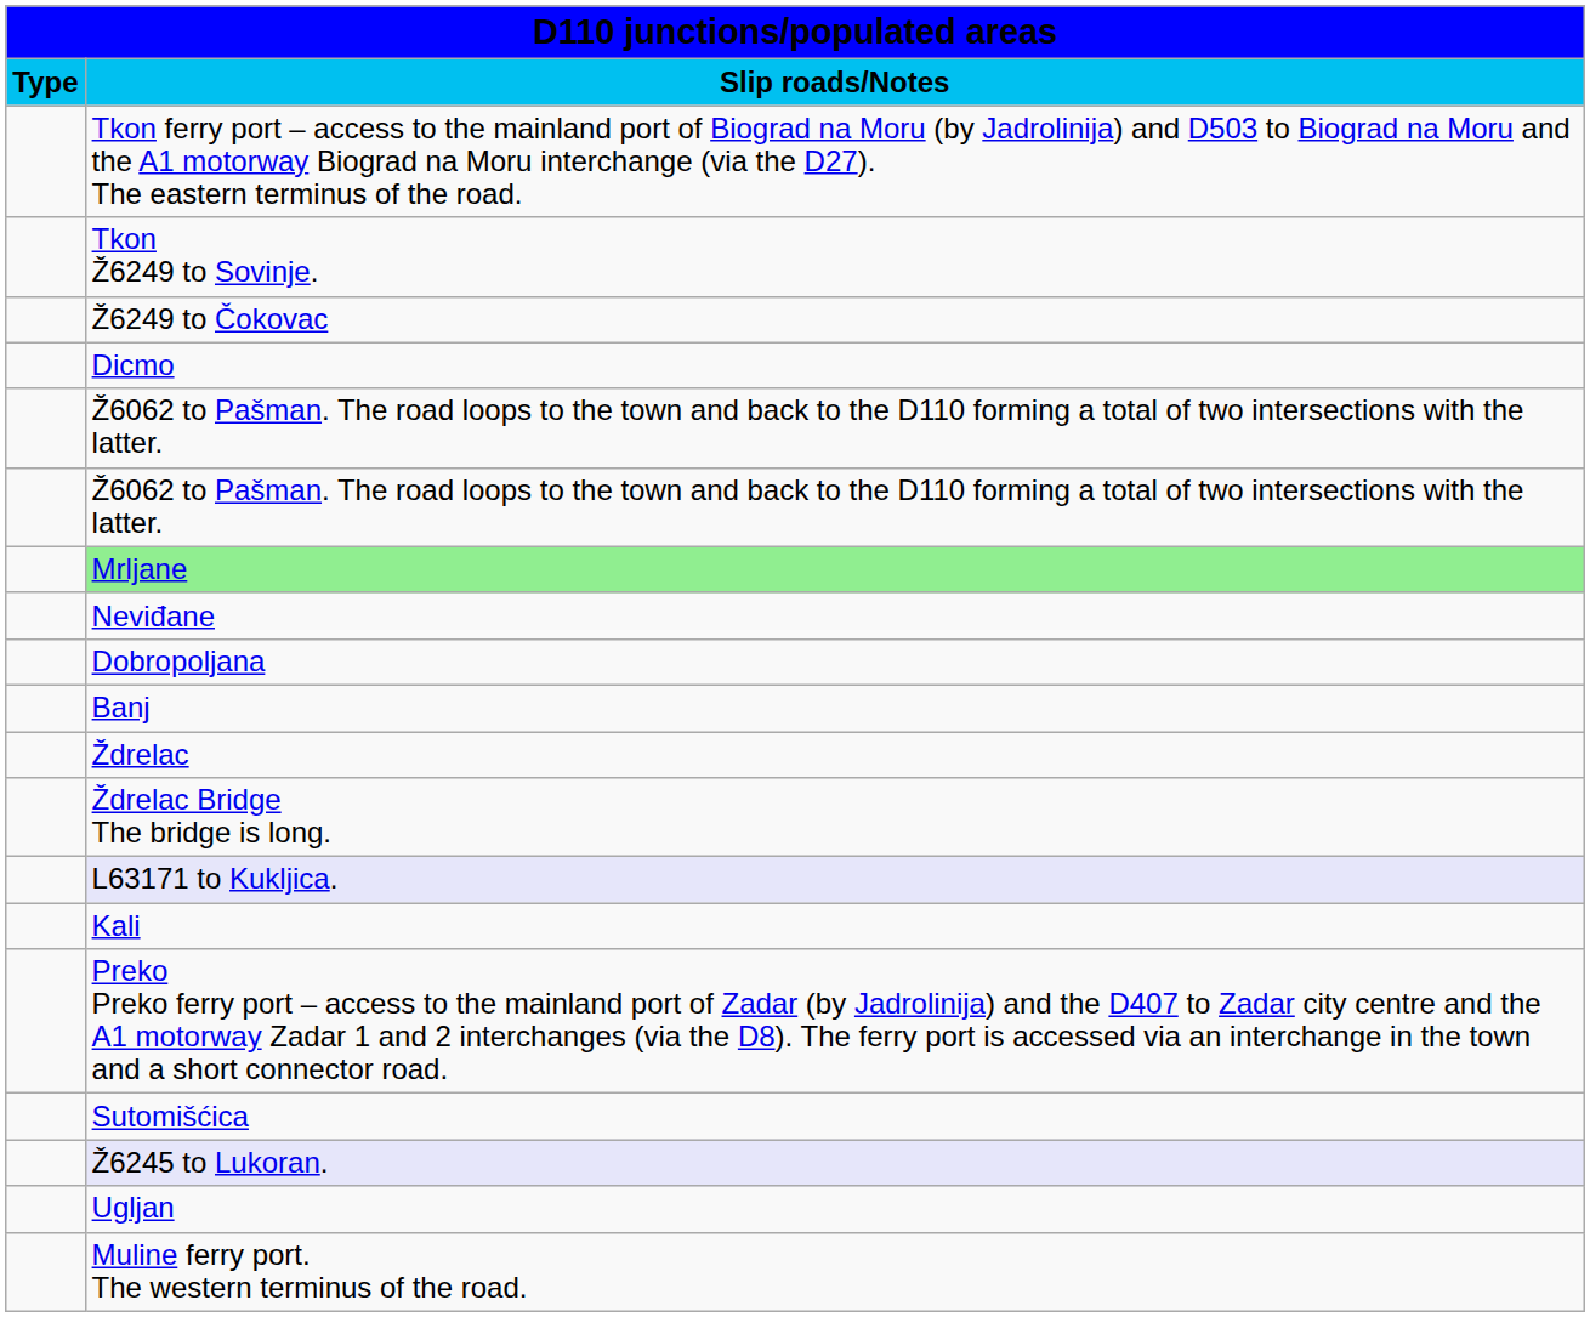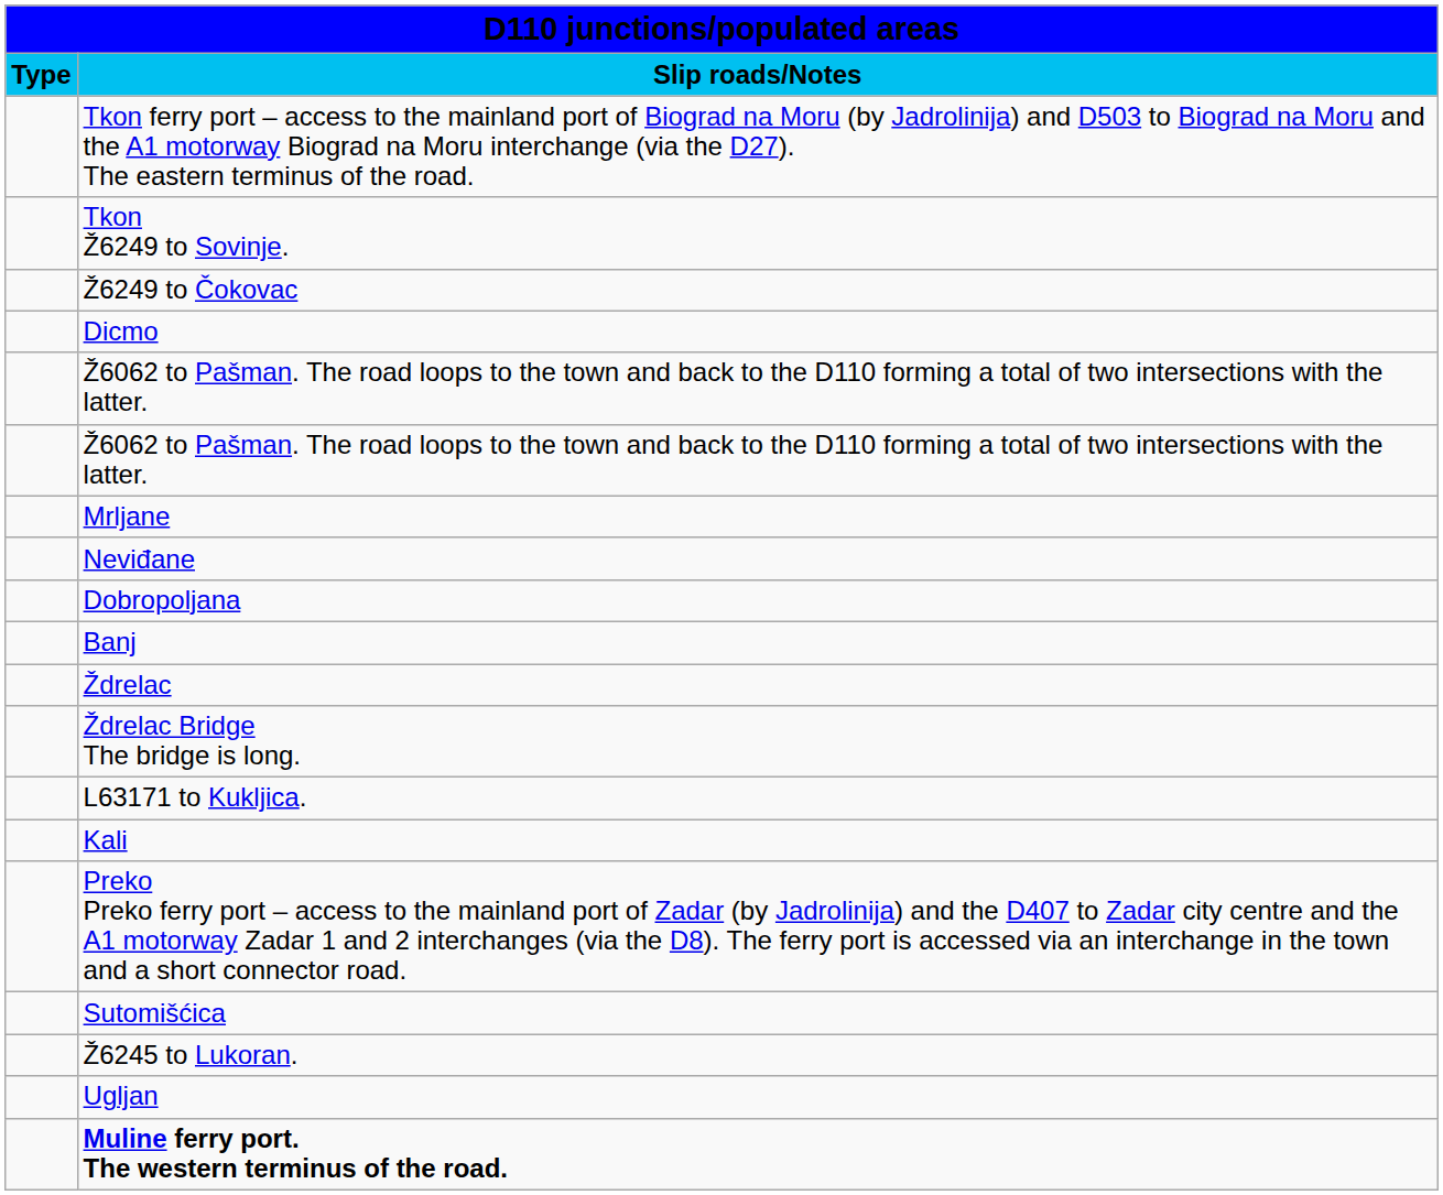 <table class="wikitable">
 <tr>
 <td colspan=2 bgcolor=blue align=center style=margin-top:15><span><big><strong>D110 junctions/populated areas</strong></big></span></td>
 </tr>
 <tr>
 <td align=center bgcolor=00c0f0><strong>Type</strong></td>
 <td align=center bgcolor=00c0f0><strong>Slip roads/Notes</strong></td>
 </tr>
 <tr>
 <td></td>
 <td><a href='#'>Tkon</a> ferry port – access to the mainland port of <a href='#'>Biograd na Moru</a> (by <a href='#'>Jadrolinija</a>) and <a href='#'>D503</a> to <a href='#'>Biograd na Moru</a> and the <a href='#'>A1 motorway</a> Biograd na Moru interchange (via the <a href='#'>D27</a>).<br>The eastern terminus of the road.</td>
 </tr>
 <tr>
 <td></td>
 <td><a href='#'>Tkon</a><br>Ž6249 to <a href='#'>Sovinje</a>.</td>
 </tr>
 <tr>
 <td></td>
 <td>Ž6249 to <a href='#'>Čokovac</a></td>
 </tr>
 <tr>
 <td></td>
 <td><a href='#'>Dicmo</a></td>
 </tr>
 <tr>
 <td></td>
 <td>Ž6062 to <a href='#'>Pašman</a>. The road loops to the town and back to the D110 forming a total of two intersections with the latter.</td>
 </tr>
 <tr>
 <td></td>
 <td>Ž6062 to <a href='#'>Pašman</a>. The road loops to the town and back to the D110 forming a total of two intersections with the latter.</td>
 </tr>
 <tr>
 <td></td>
-<td style="background: lightgreen;"><a href='#'>Mrljane</a></td>
+<td><a href='#'>Mrljane</a></td>
 </tr>
 <tr>
 <td></td>
 <td><a href='#'>Neviđane</a></td>
 </tr>
 <tr>
 <td></td>
 <td><a href='#'>Dobropoljana</a></td>
 </tr>
 <tr>
 <td></td>
 <td><a href='#'>Banj</a></td>
 </tr>
 <tr>
 <td></td>
 <td><a href='#'>Ždrelac</a></td>
 </tr>
 <tr>
 <td></td>
 <td><a href='#'>Ždrelac Bridge</a><br>The bridge is  long.</td>
 </tr>
 <tr>
 <td></td>
-<td style="background: lavender;">L63171 to <a href='#'>Kukljica</a>.</td>
+<td>L63171 to <a href='#'>Kukljica</a>.</td>
 </tr>
 <tr>
 <td></td>
 <td><a href='#'>Kali</a></td>
 </tr>
 <tr>
 <td><br> <br></td>
 <td><a href='#'>Preko</a><br>Preko ferry port – access to the mainland port of <a href='#'>Zadar</a> (by <a href='#'>Jadrolinija</a>) and the <a href='#'>D407</a> to <a href='#'>Zadar</a> city centre and the <a href='#'>A1 motorway</a> Zadar 1 and 2 interchanges (via the <a href='#'>D8</a>). The ferry port is accessed via an interchange in the town and a short connector road.</td>
 </tr>
 <tr>
 <td></td>
 <td><a href='#'>Sutomišćica</a></td>
 </tr>
 <tr>
 <td></td>
-<td style="background: lavender;">Ž6245 to <a href='#'>Lukoran</a>.</td>
+<td>Ž6245 to <a href='#'>Lukoran</a>.</td>
 </tr>
 <tr>
 <td></td>
 <td><a href='#'>Ugljan</a></td>
 </tr>
 <tr>
 <td></td>
-<td><a href='#'>Muline</a> ferry port.<br>The western terminus of the road.</td>
+<td><strong><a href='#'>Muline</a> ferry port.<br>The western terminus of the road.</strong></td>
 </tr>
 </table>
